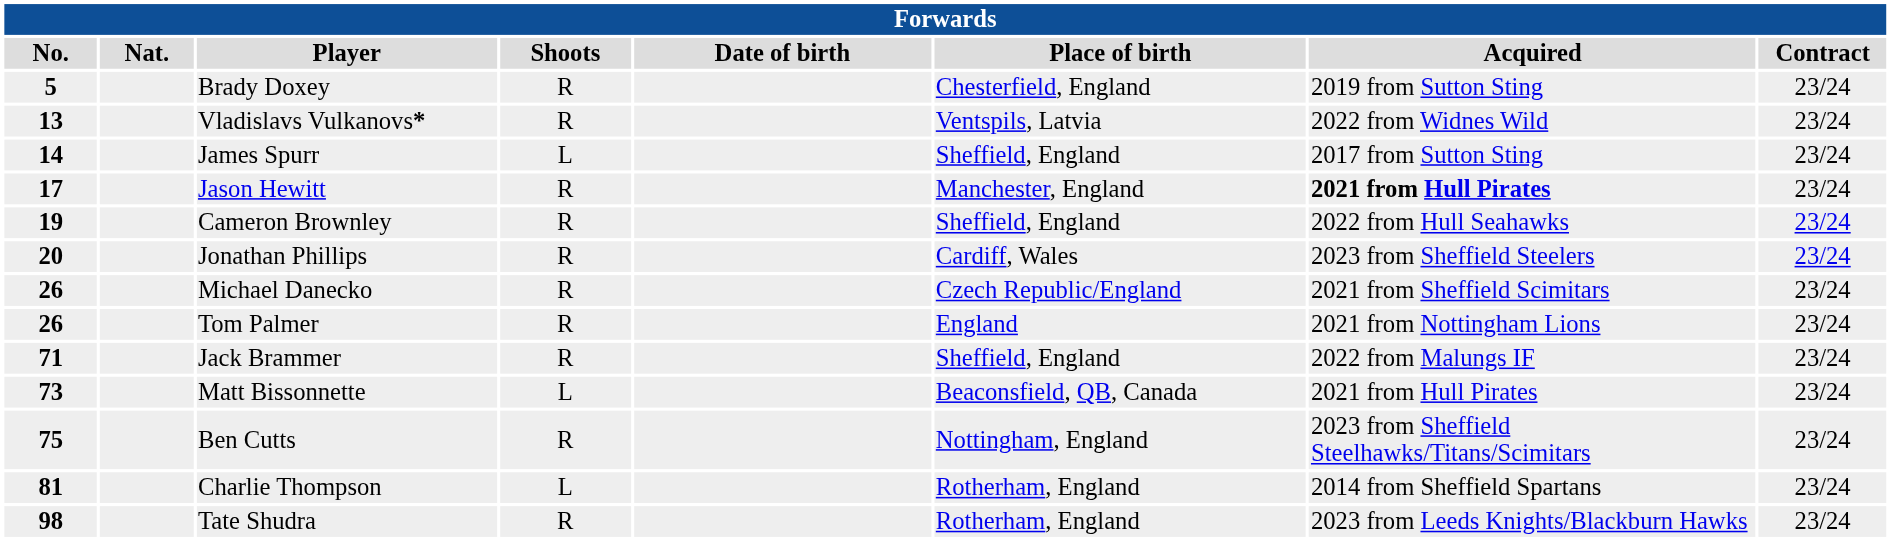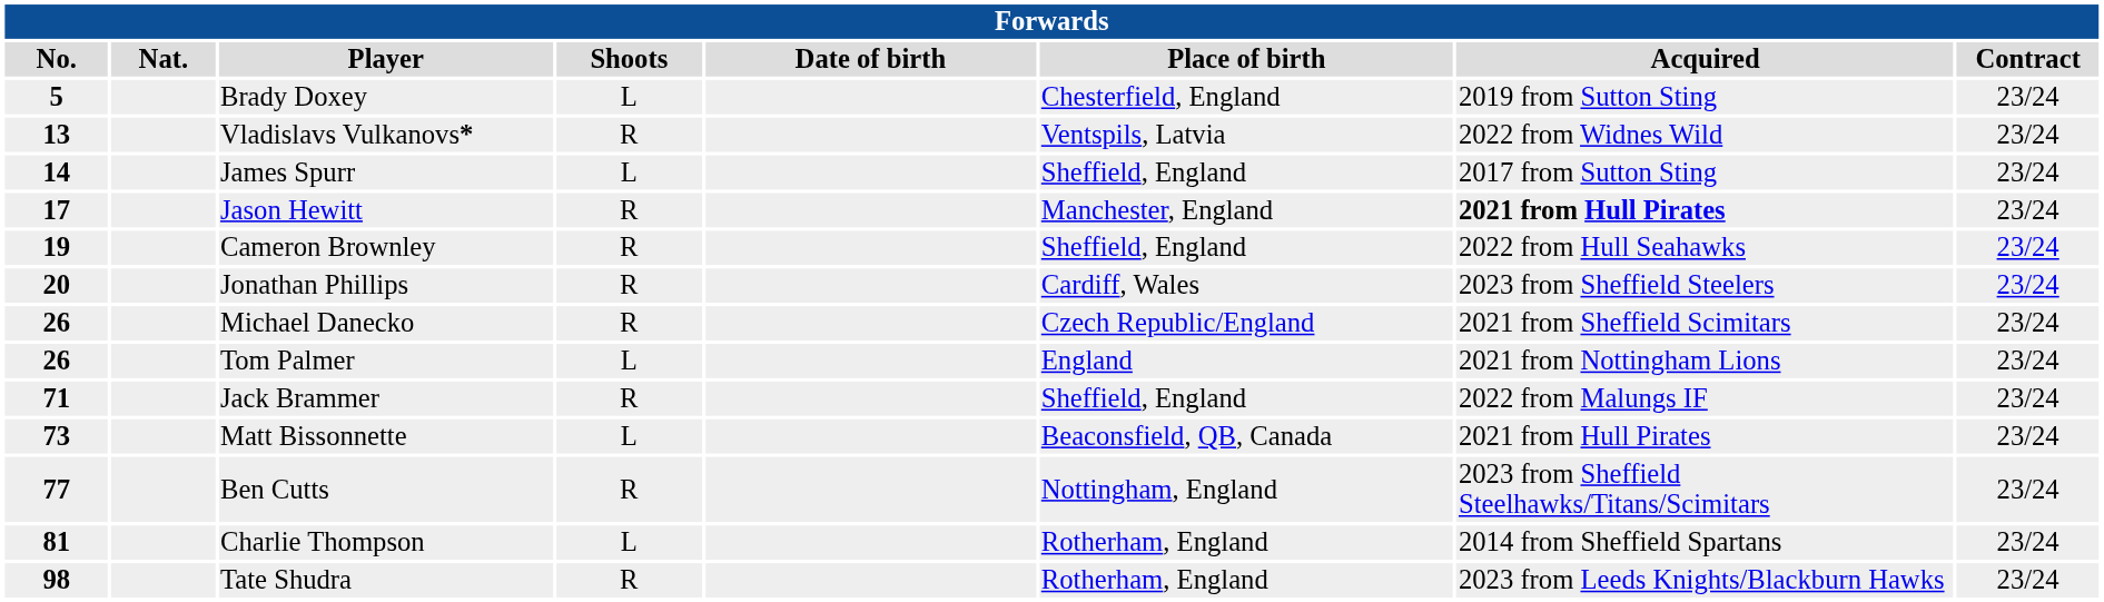 <table class="toccolours"  style="width:97%; clear:both; margin:1.5em auto; text-align:center;">
 <tr>
 <th colspan="10" style="background:#0d4f97; color: white;">Forwards</th>
 </tr>
 <tr style="background:#ddd;">
 <th width=5%>No.</th>
 <th width=5%>Nat.</th>
 <th !width=22%>Player</th>
 <th width=7%>Shoots</th>
 <th width=16%>Date of birth</th>
 <th width=20%>Place of birth</th>
 <th width=24%>Acquired</th>
 <td><strong>Contract</strong></td>
 </tr>
 <tr style="background:#eee;">
 <td><strong>5</strong></td>
 <td></td>
 <td align="left">Brady Doxey</td>
-<td>R</td>
+<td>L</td>
 <td align="left"></td>
 <td align="left"><a href='#'>Chesterfield</a>, England</td>
 <td align="left">2019 from <a href='#'>Sutton Sting</a></td>
 <td>23/24</td>
 </tr>
 <tr style="background:#eee;">
 <td><strong>13</strong></td>
 <td></td>
 <td align="left">Vladislavs Vulkanovs<strong>*</strong></td>
 <td>R</td>
 <td align="left"></td>
 <td align="left"><a href='#'>Ventspils</a>, Latvia</td>
 <td align="left">2022 from <a href='#'>Widnes Wild</a></td>
 <td>23/24</td>
 </tr>
 <tr style="background:#eee;">
 <td><strong>14</strong></td>
 <td></td>
 <td align="left">James Spurr</td>
 <td>L</td>
 <td align="left"></td>
 <td align="left"><a href='#'>Sheffield</a>, England</td>
 <td align="left">2017 from <a href='#'>Sutton Sting</a></td>
 <td>23/24</td>
 </tr>
 <tr style="background:#eee;">
 <td><strong>17</strong></td>
 <td></td>
 <td align="left"><a href='#'>Jason Hewitt</a></td>
 <td>R</td>
 <td align="left"></td>
 <td align="left"><a href='#'>Manchester</a>, England</td>
 <td align="left"><strong>2021 from <a href='#'>Hull Pirates</a></strong></td>
 <td>23/24</td>
 </tr>
 <tr style="background:#eee;">
 <td><strong>19</strong></td>
 <td></td>
 <td align="left">Cameron Brownley</td>
 <td>R</td>
 <td align="left"></td>
 <td align="left"><a href='#'>Sheffield</a>, England</td>
 <td align="left">2022 from <a href='#'>Hull Seahawks</a></td>
 <td><a href='#'>23/24</a></td>
 </tr>
 <tr style="background:#eee;">
 <td><strong>20</strong></td>
 <td></td>
 <td align="left">Jonathan Phillips</td>
 <td>R</td>
 <td align="left"></td>
 <td align="left"><a href='#'>Cardiff</a>, Wales</td>
 <td align="left">2023 from <a href='#'>Sheffield Steelers</a></td>
 <td><a href='#'>23/24</a></td>
 </tr>
 <tr style="background:#eee;">
 <td><strong>26</strong></td>
 <td> </td>
 <td align="left">Michael Danecko</td>
 <td>R</td>
 <td align="left"></td>
 <td align="left"><a href='#'>Czech Republic/England</a></td>
 <td align="left">2021 from <a href='#'>Sheffield Scimitars</a></td>
 <td>23/24</td>
 </tr>
 <tr style="background:#eee;">
 <td><strong>26</strong></td>
 <td></td>
 <td align="left">Tom Palmer</td>
-<td>R</td>
+<td>L</td>
 <td align="left"></td>
 <td align="left"><a href='#'>England</a></td>
 <td align="left">2021 from <a href='#'>Nottingham Lions</a></td>
 <td>23/24</td>
 </tr>
 <tr style="background:#eee;">
 <td><strong>71</strong></td>
 <td></td>
 <td align="left">Jack Brammer</td>
 <td>R</td>
 <td align="left"></td>
 <td align="left"><a href='#'>Sheffield</a>, England</td>
 <td align="left">2022 from <a href='#'>Malungs IF</a></td>
 <td>23/24</td>
 </tr>
 <tr style="background:#eee;">
 <td><strong>73</strong></td>
 <td></td>
 <td align="left">Matt Bissonnette</td>
 <td>L</td>
 <td align="left"></td>
 <td align="left"><a href='#'>Beaconsfield</a>, <a href='#'>QB</a>, Canada</td>
 <td align="left">2021 from <a href='#'>Hull Pirates</a></td>
 <td>23/24</td>
 </tr>
 <tr style="background:#eee;">
-<td><strong>75</strong></td>
+<td><strong>77</strong></td>
 <td></td>
 <td align="left">Ben Cutts</td>
 <td>R</td>
 <td align="left"></td>
 <td align="left"><a href='#'>Nottingham</a>, England</td>
 <td align="left">2023 from <a href='#'>Sheffield Steelhawks/Titans/Scimitars</a></td>
 <td>23/24</td>
 </tr>
 <tr style="background:#eee;">
 <td><strong>81</strong></td>
 <td></td>
 <td align="left">Charlie Thompson</td>
 <td>L</td>
 <td align="left"></td>
 <td align="left"><a href='#'>Rotherham</a>, England</td>
 <td align="left">2014 from Sheffield Spartans</td>
 <td>23/24</td>
 </tr>
 <tr style="background:#eee;">
 <td><strong>98</strong></td>
 <td></td>
 <td align="left">Tate Shudra</td>
 <td>R</td>
 <td align="left"></td>
 <td align="left"><a href='#'>Rotherham</a>, England</td>
 <td align="left">2023 from <a href='#'>Leeds Knights/Blackburn Hawks</a></td>
 <td>23/24</td>
 </tr>
 </table>
